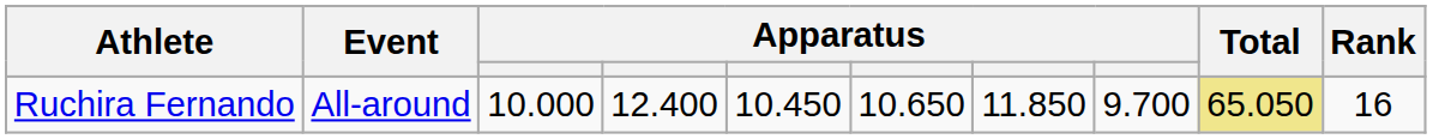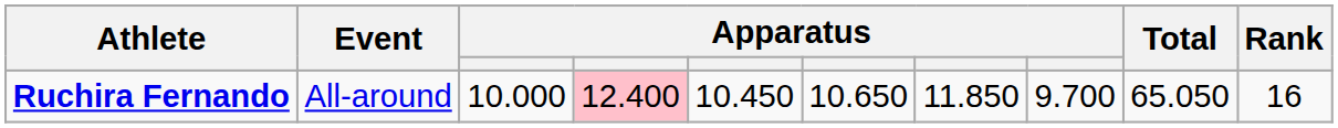 <table class="wikitable" style="font-size:90%">
 <tr>
 <th rowspan=2>Athlete</th>
 <th rowspan=2>Event</th>
 <th colspan=6>Apparatus</th>
 <th rowspan=2>Total</th>
 <th rowspan=2>Rank</th>
 </tr>
 <tr style="font-size:95%">
 <th></th>
 <th></th>
 <th></th>
 <th></th>
 <th></th>
 <th></th>
 </tr>
 <tr align=center>
-<td align=left><a href='#'>Ruchira Fernando</a></td>
+<td align=left><strong><a href='#'>Ruchira Fernando</a></strong></td>
 <td align=left><a href='#'>All-around</a></td>
 <td>10.000</td>
-<td>12.400</td>
+<td style="background: pink;">12.400</td>
 <td>10.450</td>
 <td>10.650</td>
 <td>11.850</td>
 <td>9.700</td>
-<td style="background: khaki;">65.050</td>
+<td>65.050</td>
 <td>16</td>
 </tr>
 </table>
